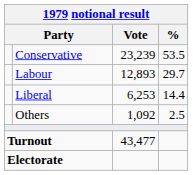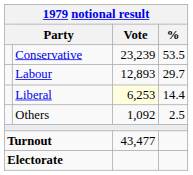 <table class="wikitable">
 <tr>
 <th colspan="4"><a href='#'>1979</a> <a href='#'>notional result</a></th>
 </tr>
 <tr>
 <th bgcolor="#DDDDFF" width="130px" colspan="2">Party</th>
 <th bgcolor="#DDDDFF" width="50px">Vote</th>
 <th bgcolor="#DDDDFF" width="30px">%</th>
 </tr>
 <tr>
 <td></td>
 <td><a href='#'>Conservative</a></td>
 <td align=right>23,239</td>
 <td align=right>53.5</td>
 </tr>
 <tr>
 <td></td>
 <td><a href='#'>Labour</a></td>
 <td align=right>12,893</td>
 <td align=right>29.7</td>
 </tr>
 <tr>
 <td></td>
 <td><a href='#'>Liberal</a></td>
-<td align=right>6,253</td>
+<td align=right style="background: lightyellow;">6,253</td>
 <td align=right>14.4</td>
 </tr>
 <tr>
 <td></td>
 <td>Others</td>
 <td align=right>1,092</td>
 <td align=right>2.5</td>
 </tr>
 <tr>
 <td colspan="4" bgcolor="#EAECF0"></td>
 </tr>
 <tr>
 <td colspan="2"><strong>Turnout</strong></td>
 <td align=right>43,477</td>
 <td align=right></td>
 </tr>
 <tr>
 <td colspan="2"><strong>Electorate</strong></td>
 <td align=right></td>
 </tr>
 </table>
